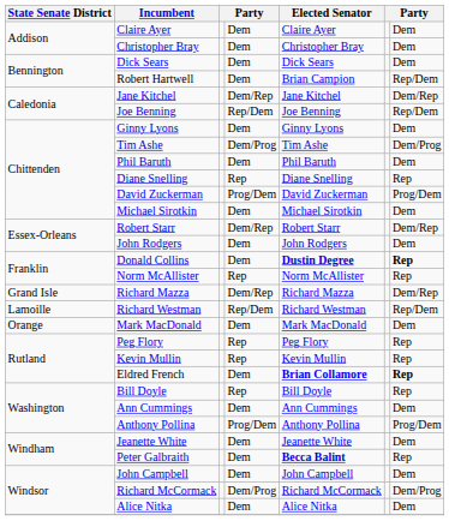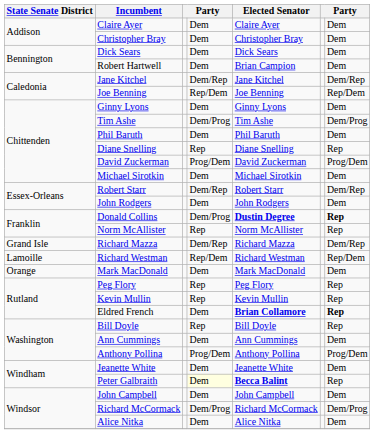 <table class="sortable wikitable" style="font-size:95%;line-height:14px;">
 <tr>
 <th colspan="1" class="unsortable"><a href='#'>State Senate</a> District</th>
 <th class="unsortable"><a href='#'>Incumbent</a></th>
 <th colspan="2">Party</th>
 <th class="unsortable">Elected Senator</th>
 <th colspan="2">Party</th>
 </tr>
 <tr>
 <td rowspan="2">Addison</td>
 <td><a href='#'>Claire Ayer</a></td>
 <td style="background:"></td>
 <td>Dem</td>
 <td><a href='#'>Claire Ayer</a></td>
 <td style="background:"></td>
 <td>Dem</td>
 </tr>
 <tr>
 <td><a href='#'>Christopher Bray</a></td>
 <td style="background:"></td>
 <td>Dem</td>
 <td><a href='#'>Christopher Bray</a></td>
 <td style="background:"></td>
 <td>Dem</td>
 </tr>
 <tr>
 <td rowspan="2">Bennington</td>
 <td><a href='#'>Dick Sears</a></td>
 <td style="background:"></td>
 <td>Dem</td>
 <td><a href='#'>Dick Sears</a></td>
 <td style="background:"></td>
 <td>Dem</td>
 </tr>
 <tr>
 <td>Robert Hartwell</td>
 <td style="background:"></td>
 <td>Dem</td>
 <td><a href='#'>Brian Campion</a></td>
 <td style="background:"></td>
-<td>Rep/Dem</td>
+<td>Dem</td>
 </tr>
 <tr>
 <td rowspan="2">Caledonia</td>
 <td><a href='#'>Jane Kitchel</a></td>
 <td style="background:"></td>
 <td>Dem/Rep</td>
 <td><a href='#'>Jane Kitchel</a></td>
 <td style="background:"></td>
 <td>Dem/Rep</td>
 </tr>
 <tr>
 <td><a href='#'>Joe Benning</a></td>
 <td style="background:"></td>
 <td>Rep/Dem</td>
 <td><a href='#'>Joe Benning</a></td>
 <td style="background:"></td>
 <td>Rep/Dem</td>
 </tr>
 <tr>
 <td rowspan="6">Chittenden</td>
 <td><a href='#'>Ginny Lyons</a></td>
 <td style="background:"></td>
 <td>Dem</td>
 <td><a href='#'>Ginny Lyons</a></td>
 <td style="background:"></td>
 <td>Dem</td>
 </tr>
 <tr>
 <td><a href='#'>Tim Ashe</a></td>
 <td style="background:"></td>
 <td>Dem/Prog</td>
 <td><a href='#'>Tim Ashe</a></td>
 <td style="background:"></td>
 <td>Dem/Prog</td>
 </tr>
 <tr>
 <td><a href='#'>Phil Baruth</a></td>
 <td style="background:"></td>
 <td>Dem</td>
 <td><a href='#'>Phil Baruth</a></td>
 <td style="background:"></td>
 <td>Dem</td>
 </tr>
 <tr>
 <td><a href='#'>Diane Snelling</a></td>
 <td style="background:"></td>
 <td>Rep</td>
 <td><a href='#'>Diane Snelling</a></td>
 <td style="background:"></td>
 <td>Rep</td>
 </tr>
 <tr>
 <td><a href='#'>David Zuckerman</a></td>
 <td style="background:"></td>
 <td>Prog/Dem</td>
 <td><a href='#'>David Zuckerman</a></td>
 <td style="background:"></td>
 <td>Prog/Dem</td>
 </tr>
 <tr>
 <td><a href='#'>Michael Sirotkin</a></td>
 <td style="background:"></td>
 <td>Dem</td>
 <td><a href='#'>Michael Sirotkin</a></td>
 <td style="background:"></td>
 <td>Dem</td>
 </tr>
 <tr>
 <td rowspan="2">Essex-Orleans</td>
 <td><a href='#'>Robert Starr</a></td>
 <td style="background:"></td>
 <td>Dem/Rep</td>
 <td><a href='#'>Robert Starr</a></td>
 <td style="background:"></td>
 <td>Dem/Rep</td>
 </tr>
 <tr>
 <td><a href='#'>John Rodgers</a></td>
 <td style="background:"></td>
 <td>Dem</td>
 <td><a href='#'>John Rodgers</a></td>
 <td style="background:"></td>
 <td>Dem</td>
 </tr>
 <tr>
 <td rowspan="2">Franklin</td>
 <td><a href='#'>Donald Collins</a></td>
 <td style="background:"></td>
-<td>Dem</td>
+<td>Dem/Prog</td>
 <td><strong><a href='#'>Dustin Degree</a></strong></td>
 <td style="background:"></td>
 <td><strong> Rep</strong></td>
 </tr>
 <tr>
 <td><a href='#'>Norm McAllister</a></td>
 <td style="background:"></td>
 <td>Rep</td>
 <td><a href='#'>Norm McAllister</a></td>
 <td style="background:"></td>
 <td>Rep</td>
 </tr>
 <tr>
 <td>Grand Isle</td>
 <td><a href='#'>Richard Mazza</a></td>
 <td style="background:"></td>
 <td>Dem/Rep</td>
 <td><a href='#'>Richard Mazza</a></td>
 <td style="background:"></td>
 <td>Dem/Rep</td>
 </tr>
 <tr>
 <td>Lamoille</td>
 <td><a href='#'>Richard Westman</a></td>
 <td style="background:"></td>
 <td>Rep/Dem</td>
 <td><a href='#'>Richard Westman</a></td>
 <td style="background:"></td>
 <td>Rep/Dem</td>
 </tr>
 <tr>
 <td>Orange</td>
 <td><a href='#'>Mark MacDonald</a></td>
 <td style="background:"></td>
 <td>Dem</td>
 <td><a href='#'>Mark MacDonald</a></td>
 <td style="background:"></td>
 <td>Dem</td>
 </tr>
 <tr>
 <td rowspan="3">Rutland</td>
 <td><a href='#'>Peg Flory</a></td>
 <td style="background:"></td>
 <td>Rep</td>
 <td><a href='#'>Peg Flory</a></td>
 <td style="background:"></td>
 <td>Rep</td>
 </tr>
 <tr>
 <td><a href='#'>Kevin Mullin</a></td>
 <td style="background:"></td>
 <td>Rep</td>
 <td><a href='#'>Kevin Mullin</a></td>
 <td style="background:"></td>
 <td>Rep</td>
 </tr>
 <tr>
 <td>Eldred French</td>
 <td style="background:"></td>
 <td>Dem</td>
 <td><strong><a href='#'>Brian Collamore</a></strong></td>
 <td style="background:"></td>
 <td><strong>Rep</strong></td>
 </tr>
 <tr>
 <td rowspan="3">Washington</td>
 <td><a href='#'>Bill Doyle</a></td>
 <td style="background:"></td>
 <td>Rep</td>
 <td><a href='#'>Bill Doyle</a></td>
 <td style="background:"></td>
 <td>Rep</td>
 </tr>
 <tr>
 <td><a href='#'>Ann Cummings</a></td>
 <td style="background:"></td>
 <td>Dem</td>
 <td><a href='#'>Ann Cummings</a></td>
 <td style="background:"></td>
 <td>Dem</td>
 </tr>
 <tr>
 <td><a href='#'>Anthony Pollina</a></td>
 <td style="background:"></td>
 <td>Prog/Dem</td>
 <td><a href='#'>Anthony Pollina</a></td>
 <td style="background:"></td>
 <td>Prog/Dem</td>
 </tr>
 <tr>
 <td rowspan="2">Windham</td>
 <td><a href='#'>Jeanette White</a></td>
 <td style="background:"></td>
 <td>Dem</td>
 <td><a href='#'>Jeanette White</a></td>
 <td style="background:"></td>
 <td>Dem</td>
 </tr>
 <tr>
 <td><a href='#'>Peter Galbraith</a></td>
 <td style="background:"></td>
-<td>Dem</td>
+<td style="background: lightyellow;">Dem</td>
 <td><strong><a href='#'>Becca Balint</a></strong></td>
 <td style="background:"></td>
 <td>Rep</td>
 </tr>
 <tr>
 <td rowspan="3">Windsor</td>
 <td><a href='#'>John Campbell</a></td>
 <td style="background:"></td>
 <td>Dem</td>
 <td><a href='#'>John Campbell</a></td>
 <td style="background:"></td>
 <td>Dem</td>
 </tr>
 <tr>
 <td><a href='#'>Richard McCormack</a></td>
 <td style="background:"></td>
 <td>Dem/Prog</td>
 <td><a href='#'>Richard McCormack</a></td>
 <td style="background:"></td>
 <td>Dem/Prog</td>
 </tr>
 <tr>
 <td><a href='#'>Alice Nitka</a></td>
 <td style="background:"></td>
 <td>Dem</td>
 <td><a href='#'>Alice Nitka</a></td>
 <td style="background:"></td>
 <td>Dem</td>
 </tr>
 <tr>
 </tr>
 </table>
